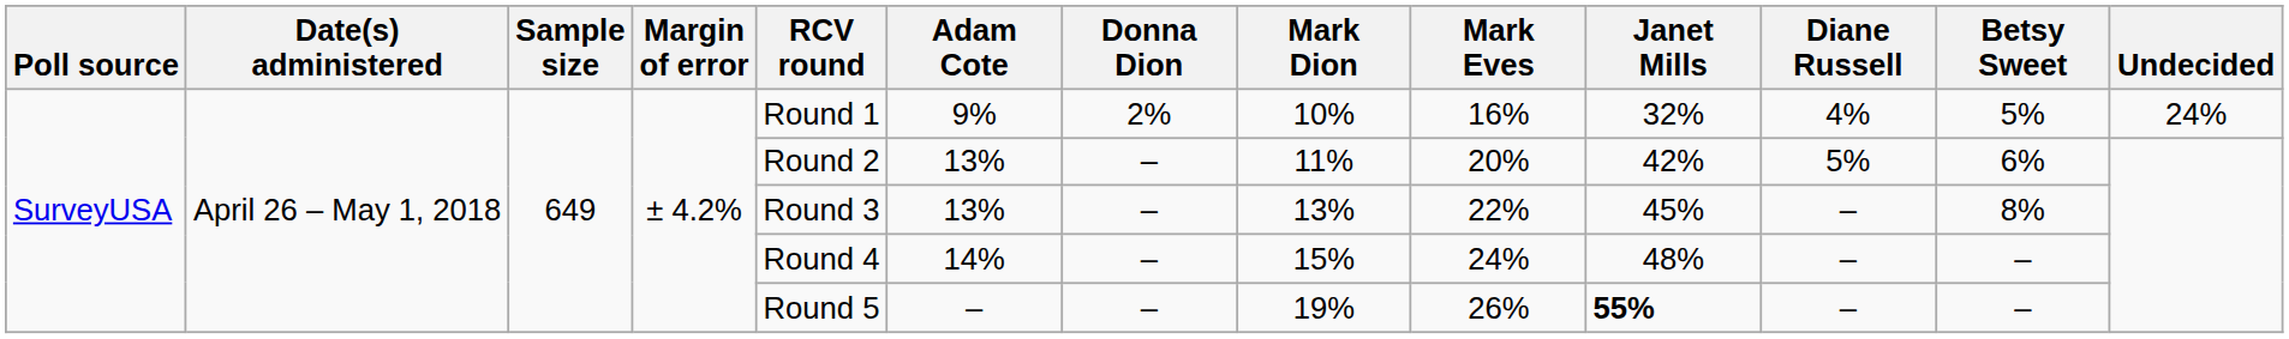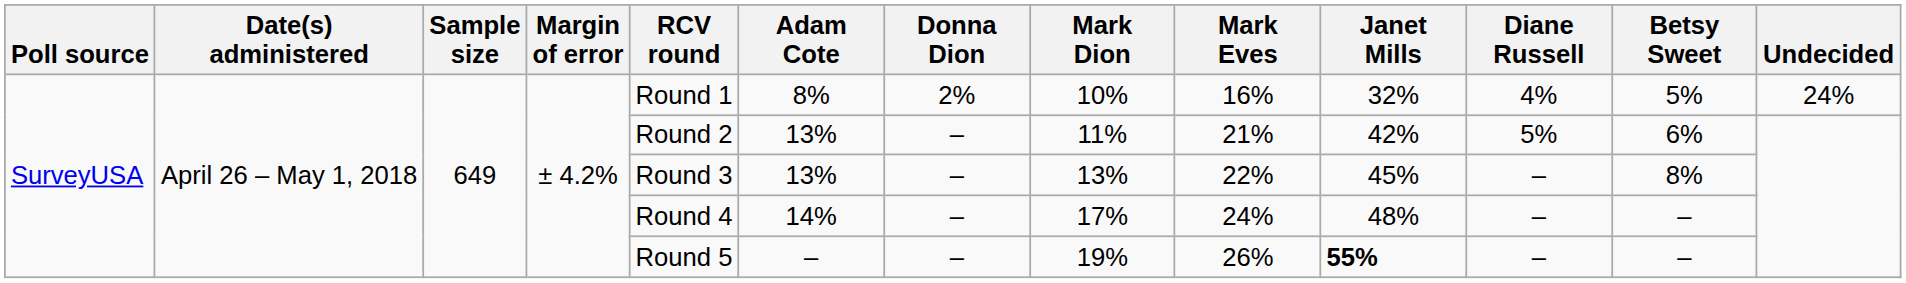 <table class="wikitable" style="font-size:90%">
 <tr valign=bottom>
 <th>Poll source</th>
 <th>Date(s)<br>administered</th>
 <th>Sample<br>size</th>
 <th>Margin<br>of error</th>
 <th>RCV<br>round</th>
 <th style="width:75px;">Adam<br>Cote</th>
 <th style="width:75px;">Donna<br>Dion</th>
 <th style="width:75px;">Mark<br>Dion</th>
 <th style="width:75px;">Mark<br>Eves</th>
 <th style="width:75px;">Janet<br>Mills</th>
 <th style="width:75px;">Diane<br>Russell</th>
 <th style="width:75px;">Betsy<br>Sweet</th>
 <th>Undecided</th>
 </tr>
 <tr>
 <td rowspan=5><a href='#'>SurveyUSA</a></td>
 <td align=center rowspan=5>April 26 – May 1, 2018</td>
 <td align=center rowspan=5>649</td>
 <td align=center rowspan=5>± 4.2%</td>
 <td align=center>Round 1</td>
-<td align=center>9%</td>
+<td align=center>8%</td>
 <td align=center>2%</td>
 <td align=center>10%</td>
 <td align=center>16%</td>
 <td align=center>32%</td>
 <td align=center>4%</td>
 <td align=center>5%</td>
 <td align=center>24%</td>
 </tr>
 <tr>
 <td align=center>Round 2</td>
 <td align=center>13%</td>
 <td align=center>–</td>
 <td align=center>11%</td>
-<td align=center>20%</td>
+<td align=center>21%</td>
 <td align=center>42%</td>
 <td align=center>5%</td>
 <td align=center>6%</td>
 <td align=center rowspan=4></td>
 </tr>
 <tr>
 <td align=center>Round 3</td>
 <td align=center>13%</td>
 <td align=center>–</td>
 <td align=center>13%</td>
 <td align=center>22%</td>
 <td align=center>45%</td>
 <td align=center>–</td>
 <td align=center>8%</td>
 </tr>
 <tr>
 <td align=center>Round 4</td>
 <td align=center>14%</td>
 <td align=center>–</td>
-<td align=center>15%</td>
+<td align=center>17%</td>
 <td align=center>24%</td>
 <td align=center>48%</td>
 <td align=center>–</td>
 <td align=center>–</td>
 </tr>
 <tr>
 <td align=center>Round 5</td>
 <td align=center>–</td>
 <td align=center>–</td>
 <td align=center>19%</td>
 <td align=center>26%</td>
 <td><strong>55%</strong></td>
 <td align=center>–</td>
 <td align=center>–</td>
 </tr>
 </table>
